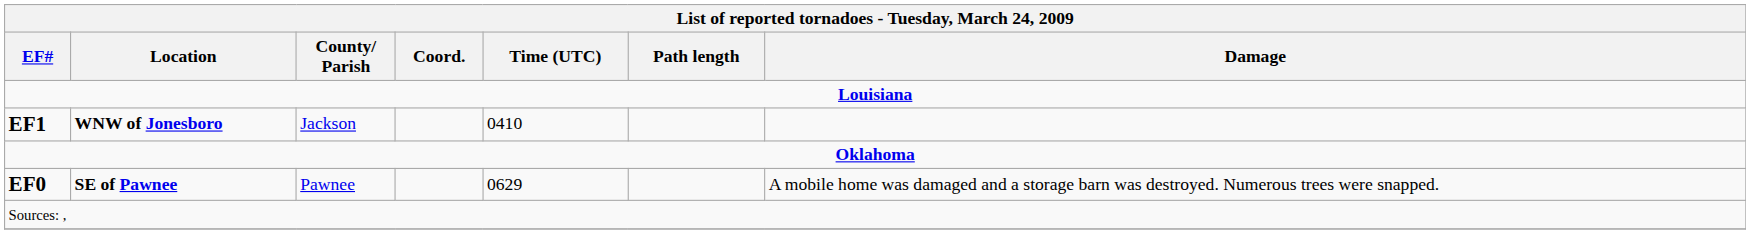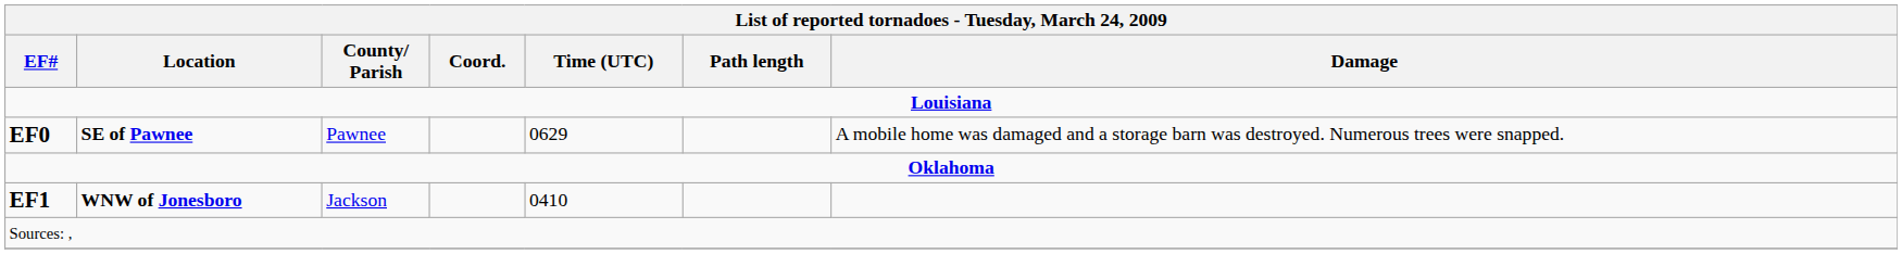 <table class="wikitable collapsible" width="100%">
 <tr>
 <th colspan="7">List of reported tornadoes - Tuesday, March 24, 2009</th>
 </tr>
 <tr>
 <th><a href='#'>EF#</a></th>
 <th>Location</th>
 <th>County/<br>Parish</th>
 <th>Coord.</th>
 <th>Time (UTC)</th>
 <th>Path length</th>
 <th>Damage</th>
 </tr>
 <tr>
 <td colspan="7" align=center><strong><a href='#'>Louisiana</a></strong></td>
 </tr>
 <tr>
+<td><big><strong>EF0</strong></big></td>
+<td><strong>SE of <a href='#'>Pawnee</a></strong></td>
+<td><a href='#'>Pawnee</a></td>
+<td></td>
+<td>0629</td>
+<td></td>
+<td>A mobile home was damaged and a storage barn was destroyed. Numerous trees were snapped.</td>
+</tr>
+<tr>
+<td colspan="7" align=center><strong><a href='#'>Oklahoma</a></strong></td>
+</tr>
+<tr>
 <td><big><strong>EF1</strong></big></td>
 <td><strong>WNW of <a href='#'>Jonesboro</a></strong></td>
 <td><a href='#'>Jackson</a></td>
 <td></td>
 <td>0410</td>
 <td></td>
 <td></td>
 </tr>
 <tr>
-<td colspan="7" align=center><strong><a href='#'>Oklahoma</a></strong></td>
-</tr>
-<tr>
-<td><big><strong>EF0</strong></big></td>
-<td><strong>SE of <a href='#'>Pawnee</a></strong></td>
-<td><a href='#'>Pawnee</a></td>
-<td></td>
-<td>0629</td>
-<td></td>
-<td>A mobile home was damaged and a storage barn was destroyed. Numerous trees were snapped.</td>
-</tr>
-<tr>
 <td colspan="7"><small>Sources: , </small></td>
 </tr>
 <tr>
 </tr>
 </table>
